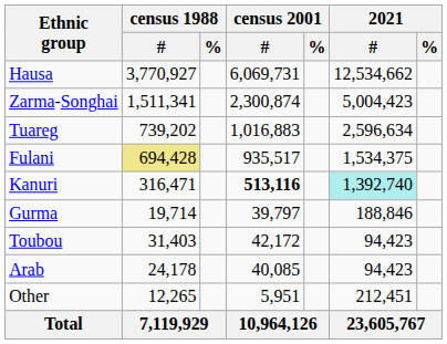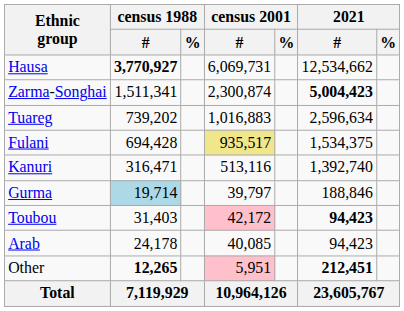 <table class="wikitable" style="text-align: right;">
 <tr bgcolor="#e0e0e0">
 <th rowspan="2">Ethnic<br>group</th>
 <th colspan="2">census 1988</th>
 <th colspan="2">census 2001</th>
 <th colspan="3">2021</th>
 </tr>
 <tr bgcolor="#e0e0e0">
 <th>#</th>
 <th>%</th>
 <th>#</th>
 <th>%</th>
 <th>#</th>
 <th>%</th>
 </tr>
 <tr>
 <td align="left"><a href='#'>Hausa</a></td>
-<td>3,770,927</td>
+<td><strong>3,770,927</strong></td>
 <td></td>
 <td>6,069,731</td>
 <td></td>
 <td>12,534,662</td>
 <td></td>
 </tr>
 <tr>
 <td align="left"><a href='#'>Zarma</a>-<a href='#'>Songhai</a></td>
 <td>1,511,341</td>
 <td></td>
 <td>2,300,874</td>
 <td></td>
-<td>5,004,423</td>
+<td><strong>5,004,423</strong></td>
 <td></td>
 </tr>
 <tr>
 <td align="left"><a href='#'>Tuareg</a></td>
 <td>739,202</td>
 <td></td>
 <td>1,016,883</td>
 <td></td>
 <td>2,596,634</td>
 <td></td>
 </tr>
 <tr>
 <td align="left"><a href='#'>Fulani</a></td>
-<td style="background: khaki;">694,428</td>
+<td>694,428</td>
 <td></td>
-<td>935,517</td>
+<td style="background: khaki;">935,517</td>
 <td></td>
 <td>1,534,375</td>
 <td></td>
 </tr>
 <tr>
 <td align="left"><a href='#'>Kanuri</a></td>
 <td>316,471</td>
 <td></td>
-<td><strong>513,116</strong></td>
+<td>513,116</td>
 <td></td>
-<td style="background: paleturquoise;">1,392,740</td>
+<td>1,392,740</td>
 <td></td>
 </tr>
 <tr>
 <td align="left"><a href='#'>Gurma</a></td>
-<td>19,714</td>
+<td style="background: lightblue;">19,714</td>
 <td></td>
 <td>39,797</td>
 <td></td>
 <td>188,846</td>
 <td></td>
 </tr>
 <tr>
 <td align="left"><a href='#'>Toubou</a></td>
 <td>31,403</td>
 <td></td>
-<td>42,172</td>
+<td style="background: pink;">42,172</td>
 <td></td>
-<td>94,423</td>
+<td><strong>94,423</strong></td>
 <td></td>
 </tr>
 <tr>
 <td align="left"><a href='#'>Arab</a></td>
 <td>24,178</td>
 <td></td>
 <td>40,085</td>
 <td></td>
 <td>94,423</td>
 <td></td>
 </tr>
 <tr>
 <td align="left">Other</td>
-<td>12,265</td>
+<td><strong>12,265</strong></td>
 <td></td>
-<td>5,951</td>
+<td style="background: pink;">5,951</td>
 <td></td>
-<td>212,451</td>
+<td><strong>212,451</strong></td>
 <td></td>
 </tr>
 <tr bgcolor="#e0e0e0">
 <th align=""left"">Total</th>
 <th colspan="2">7,119,929</th>
 <th colspan="2">10,964,126</th>
 <th colspan="3">23,605,767</th>
 </tr>
 </table>
